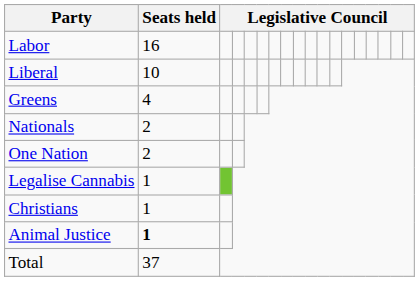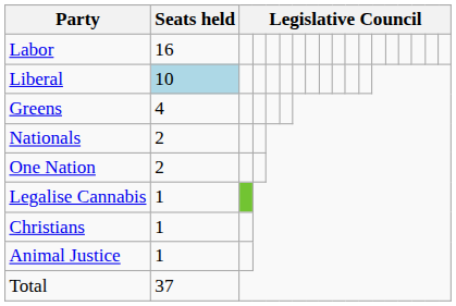 <table class="wikitable">
 <tr>
 <th>Party</th>
 <th>Seats held</th>
 <th colspan="16">Legislative Council</th>
 </tr>
 <tr>
 <td><a href='#'>Labor</a></td>
 <td>16</td>
 <td> </td>
 <td> </td>
 <td> </td>
 <td> </td>
 <td> </td>
 <td> </td>
 <td> </td>
 <td> </td>
 <td> </td>
 <td> </td>
 <td> </td>
 <td> </td>
 <td> </td>
 <td> </td>
 <td> </td>
 <td> </td>
 </tr>
 <tr>
 <td><a href='#'>Liberal</a></td>
-<td>10</td>
+<td style="background: lightblue;">10</td>
 <td> </td>
 <td> </td>
 <td> </td>
 <td> </td>
 <td> </td>
 <td> </td>
 <td> </td>
 <td> </td>
 <td> </td>
 <td> </td>
 </tr>
 <tr>
 <td><a href='#'>Greens</a></td>
 <td>4</td>
 <td> </td>
 <td> </td>
 <td> </td>
 <td> </td>
 </tr>
 <tr>
 <td><a href='#'>Nationals</a></td>
 <td>2</td>
 <td> </td>
 <td> </td>
 </tr>
 <tr>
 <td><a href='#'>One Nation</a></td>
 <td>2</td>
 <td> </td>
 <td> </td>
 </tr>
 <tr>
 <td><a href='#'>Legalise Cannabis</a></td>
 <td>1</td>
 <td style="background:#72c432;"> </td>
 </tr>
 <tr>
 <td><a href='#'>Christians</a></td>
 <td>1</td>
 <td> </td>
 </tr>
 <tr>
 <td><a href='#'>Animal Justice</a></td>
-<td><strong>1</strong></td>
+<td>1</td>
 <td> </td>
 </tr>
 <tr>
 <td>Total</td>
 <td>37</td>
 </tr>
 </table>
